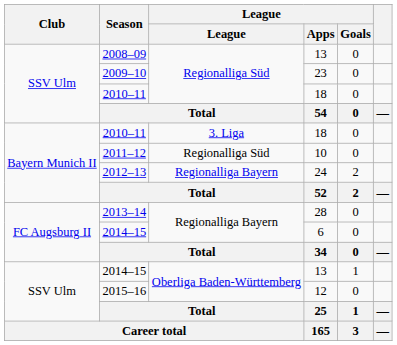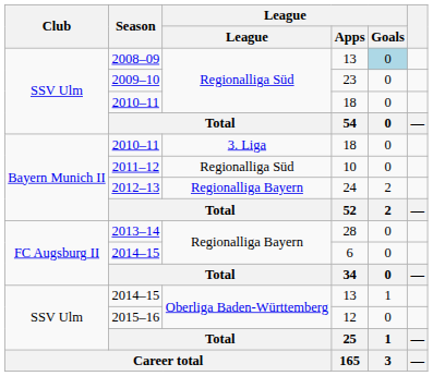 <table class="wikitable" style="text-align:center">
 <tr>
 <th rowspan="2">Club</th>
 <th rowspan="2">Season</th>
 <th colspan="3">League</th>
 <th rowspan="2"></th>
 </tr>
 <tr>
 <th>League</th>
 <th>Apps</th>
 <th>Goals</th>
 </tr>
 <tr>
 <td rowspan="4"><a href='#'>SSV Ulm</a></td>
 <td><a href='#'>2008–09</a></td>
 <td rowspan="3"><a href='#'>Regionalliga Süd</a></td>
 <td>13</td>
-<td>0</td>
+<td style="background: lightblue;">0</td>
 <td></td>
 </tr>
 <tr>
 <td><a href='#'>2009–10</a></td>
 <td>23</td>
 <td>0</td>
 <td></td>
 </tr>
 <tr>
 <td><a href='#'>2010–11</a></td>
 <td>18</td>
 <td>0</td>
 <td></td>
 </tr>
 <tr>
 <th colspan="2">Total</th>
 <th>54</th>
 <th>0</th>
 <th>—</th>
 </tr>
 <tr>
 <td rowspan="4"><a href='#'>Bayern Munich II</a></td>
 <td><a href='#'>2010–11</a></td>
 <td><a href='#'>3. Liga</a></td>
 <td>18</td>
 <td>0</td>
 <td></td>
 </tr>
 <tr>
 <td><a href='#'>2011–12</a></td>
 <td>Regionalliga Süd</td>
 <td>10</td>
 <td>0</td>
 <td></td>
 </tr>
 <tr>
 <td><a href='#'>2012–13</a></td>
 <td><a href='#'>Regionalliga Bayern</a></td>
 <td>24</td>
 <td>2</td>
 <td></td>
 </tr>
 <tr>
 <th colspan="2">Total</th>
 <th>52</th>
 <th>2</th>
 <th>—</th>
 </tr>
 <tr>
 <td rowspan="3"><a href='#'>FC Augsburg II</a></td>
 <td><a href='#'>2013–14</a></td>
 <td rowspan="2">Regionalliga Bayern</td>
 <td>28</td>
 <td>0</td>
 <td></td>
 </tr>
 <tr>
 <td><a href='#'>2014–15</a></td>
 <td>6</td>
 <td>0</td>
 <td></td>
 </tr>
 <tr>
 <th colspan="2">Total</th>
 <th>34</th>
 <th>0</th>
 <th>—</th>
 </tr>
 <tr>
 <td rowspan="3">SSV Ulm</td>
 <td>2014–15</td>
 <td rowspan="2"><a href='#'>Oberliga Baden-Württemberg</a></td>
 <td>13</td>
 <td>1</td>
 <td></td>
 </tr>
 <tr>
 <td>2015–16</td>
 <td>12</td>
 <td>0</td>
 <td></td>
 </tr>
 <tr>
 <th colspan="2">Total</th>
 <th>25</th>
 <th>1</th>
 <th>—</th>
 </tr>
 <tr>
 <th colspan="3">Career total</th>
 <th>165</th>
 <th>3</th>
 <th>—</th>
 </tr>
 </table>
